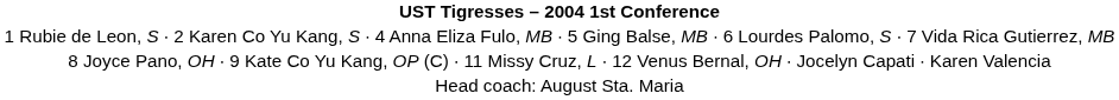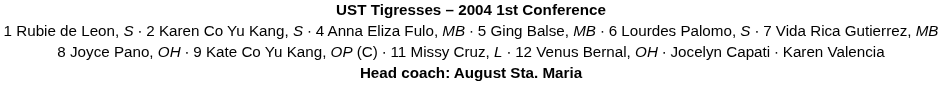 <table class='toccolours mw-collapsible mw-collapsed' width=100% style=font-size:95%>
 <tr>
 <th style=>UST Tigresses – 2004 1st Conference</th>
 </tr>
 <tr align=center>
 <td>1 Rubie de Leon, <em>S</em> ∙ 2 Karen Co Yu Kang, <em>S</em> ∙ 4 Anna Eliza Fulo, <em>MB</em> ∙ 5 Ging Balse, <em>MB</em> ∙ 6 Lourdes Palomo, <em>S</em> ∙ 7 Vida Rica Gutierrez, <em>MB</em></td>
 </tr>
 <tr align=center>
 <td>8 Joyce Pano, <em>OH</em> ∙ 9 Kate Co Yu Kang, <em>OP</em> (C) ∙ 11 Missy Cruz, <em>L</em> ∙ 12 Venus Bernal, <em>OH</em> ∙ Jocelyn Capati ∙ Karen Valencia</td>
 </tr>
 <tr align=center>
-<td>Head coach: August Sta. Maria</td>
+<td><strong>Head coach: August Sta. Maria</strong></td>
 </tr>
 </table>
